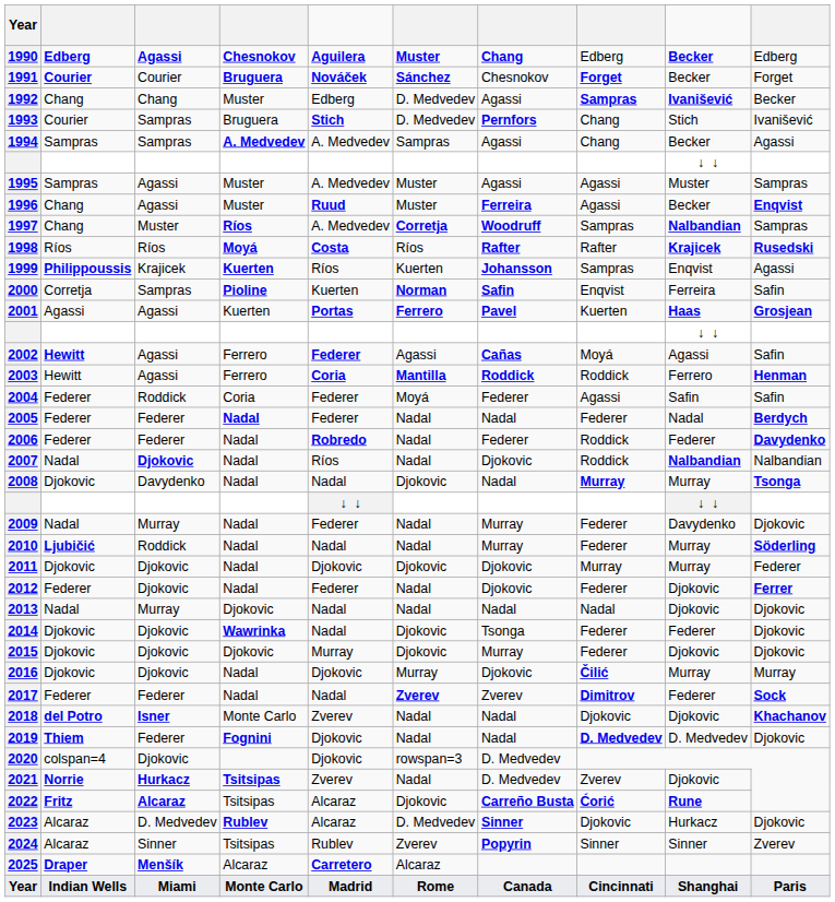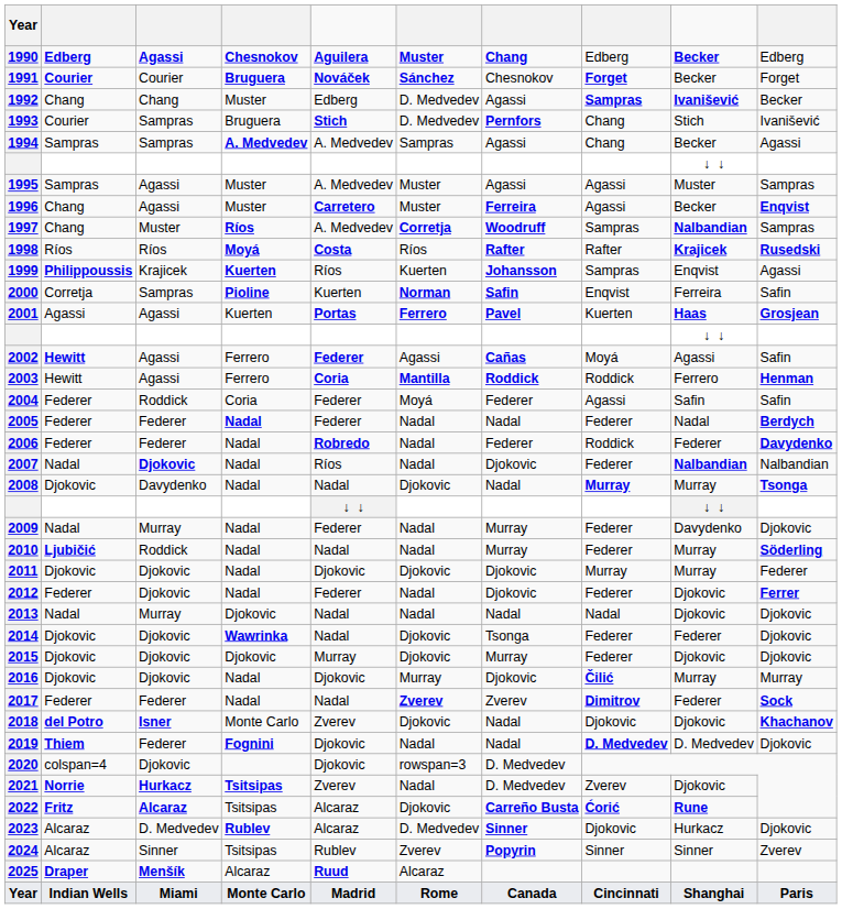 <table class="wikitable nowrap sticky-table-row1 sticky-table-col1" style="font-size:95%">
 <tr style="height:3em">
 <th scope="col">Year</th>
 <th scope="col"><a href='#'></a></th>
 <th scope="col"><a href='#'></a></th>
 <th scope="col"><a href='#'></a></th>
 <th scope="col" style="background: transparent;"><a href='#'></a></th>
 <th scope="col"><a href='#'></a></th>
 <th scope="col"><a href='#'></a></th>
 <th scope="col"><a href='#'></a></th>
 <th scope="col" style="background: transparent;"><a href='#'></a></th>
 <th scope="col"><a href='#'></a></th>
 </tr>
 <tr>
 <th scope="row"><a href='#'>1990</a></th>
 <td> <a href='#'><strong>Edberg</strong></a> </td>
 <td> <a href='#'><strong>Agassi</strong></a> </td>
 <td> <a href='#'><strong>Chesnokov</strong></a> </td>
 <td> <a href='#'><strong>Aguilera</strong></a> </td>
 <td> <a href='#'><strong>Muster</strong></a> </td>
 <td> <a href='#'><strong>Chang</strong></a> </td>
 <td> Edberg </td>
 <td> <a href='#'><strong>Becker</strong></a> </td>
 <td> Edberg </td>
 </tr>
 <tr>
 <th scope="row"><a href='#'>1991</a></th>
 <td> <a href='#'><strong>Courier</strong></a> </td>
 <td> Courier </td>
 <td> <a href='#'><strong>Bruguera</strong></a> </td>
 <td> <a href='#'><strong>Nováček</strong></a> </td>
 <td> <a href='#'><strong>Sánchez</strong></a> </td>
 <td> Chesnokov </td>
 <td> <a href='#'><strong>Forget</strong></a> </td>
 <td> Becker </td>
 <td> Forget </td>
 </tr>
 <tr>
 <th scope="row"><a href='#'>1992</a></th>
 <td> Chang </td>
 <td> Chang </td>
 <td> Muster </td>
 <td> Edberg </td>
 <td> D. Medvedev </td>
 <td> Agassi </td>
 <td> <a href='#'><strong>Sampras</strong></a> </td>
 <td> <a href='#'><strong>Ivanišević</strong></a> </td>
 <td> Becker </td>
 </tr>
 <tr>
 <th scope="row"><a href='#'>1993</a></th>
 <td> Courier </td>
 <td> Sampras </td>
 <td> Bruguera </td>
 <td> <a href='#'><strong>Stich</strong></a> </td>
 <td> D. Medvedev </td>
 <td> <a href='#'><strong>Pernfors</strong></a> </td>
 <td> Chang </td>
 <td> Stich </td>
 <td> Ivanišević </td>
 </tr>
 <tr>
 <th scope="row"><a href='#'>1994</a></th>
 <td> Sampras </td>
 <td> Sampras </td>
 <td> <a href='#'><strong>A. Medvedev</strong></a> </td>
 <td> A. Medvedev </td>
 <td> Sampras </td>
 <td> Agassi </td>
 <td> Chang </td>
 <td> Becker </td>
 <td> Agassi </td>
 </tr>
 <tr style="background: #fff;">
 <th></th>
 <td></td>
 <td></td>
 <td></td>
 <td></td>
 <td></td>
 <td></td>
 <td></td>
 <td style="text-align:center;">↓ <a href='#'></a> ↓</td>
 <td></td>
 </tr>
 <tr>
 <th scope="row"><a href='#'>1995</a></th>
 <td> Sampras </td>
 <td> Agassi </td>
 <td> Muster </td>
 <td> A. Medvedev </td>
 <td> Muster </td>
 <td> Agassi </td>
 <td> Agassi </td>
 <td> Muster </td>
 <td> Sampras </td>
 </tr>
 <tr>
 <th scope="row"><a href='#'>1996</a></th>
 <td> Chang </td>
 <td> Agassi </td>
 <td> Muster </td>
-<td> <a href='#'><strong>Ruud</strong></a> </td>
+<td> <a href='#'><strong>Carretero</strong></a> </td>
 <td> Muster </td>
 <td> <a href='#'><strong>Ferreira</strong></a> </td>
 <td> Agassi </td>
 <td> Becker </td>
 <td> <a href='#'><strong>Enqvist</strong></a> </td>
 </tr>
 <tr>
 <th scope="row"><a href='#'>1997</a></th>
 <td> Chang </td>
 <td> Muster </td>
 <td> <a href='#'><strong>Ríos</strong></a> </td>
 <td>  A. Medvedev </td>
 <td> <a href='#'><strong>Corretja</strong></a> </td>
 <td> <a href='#'><strong>Woodruff</strong></a> </td>
 <td> Sampras </td>
 <td> <a href='#'><strong>Nalbandian</strong></a> </td>
 <td> Sampras </td>
 </tr>
 <tr>
 <th scope="row"><a href='#'>1998</a></th>
 <td> Ríos </td>
 <td> Ríos </td>
 <td> <a href='#'><strong>Moyá</strong></a> </td>
 <td> <a href='#'><strong>Costa</strong></a> </td>
 <td> Ríos </td>
 <td> <a href='#'><strong>Rafter</strong></a> </td>
 <td> Rafter </td>
 <td> <a href='#'><strong>Krajicek</strong></a> </td>
 <td> <a href='#'><strong>Rusedski</strong></a> </td>
 </tr>
 <tr>
 <th scope="row"><a href='#'>1999</a></th>
 <td> <a href='#'><strong>Philippoussis</strong></a> </td>
 <td> Krajicek </td>
 <td> <a href='#'><strong>Kuerten</strong></a> </td>
 <td> Ríos </td>
 <td> Kuerten </td>
 <td> <a href='#'><strong>Johansson</strong></a> </td>
 <td> Sampras </td>
 <td> Enqvist </td>
 <td> Agassi </td>
 </tr>
 <tr>
 <th scope="row"><a href='#'>2000</a></th>
 <td> Corretja </td>
 <td> Sampras </td>
 <td> <a href='#'><strong>Pioline</strong></a> </td>
 <td> Kuerten </td>
 <td> <a href='#'><strong>Norman</strong></a> </td>
 <td> <a href='#'><strong>Safin</strong></a> </td>
 <td> Enqvist </td>
 <td> Ferreira </td>
 <td> Safin </td>
 </tr>
 <tr>
 <th scope="row"><a href='#'>2001</a></th>
 <td> Agassi </td>
 <td> Agassi </td>
 <td> Kuerten </td>
 <td> <a href='#'><strong>Portas</strong></a> </td>
 <td> <a href='#'><strong>Ferrero</strong></a> </td>
 <td> <a href='#'><strong>Pavel</strong></a> </td>
 <td> Kuerten </td>
 <td> <a href='#'><strong>Haas</strong></a> </td>
 <td> <a href='#'><strong>Grosjean</strong></a> </td>
 </tr>
 <tr style="background: #fff;">
 <th></th>
 <td></td>
 <td></td>
 <td></td>
 <td></td>
 <td></td>
 <td></td>
 <td></td>
 <td style="text-align:center;">↓ <a href='#'></a> ↓</td>
 <td></td>
 </tr>
 <tr>
 <th scope="row"><a href='#'>2002</a></th>
 <td> <a href='#'><strong>Hewitt</strong></a> </td>
 <td> Agassi </td>
 <td> Ferrero </td>
 <td> <a href='#'><strong>Federer</strong></a> </td>
 <td> Agassi </td>
 <td> <a href='#'><strong>Cañas</strong></a> </td>
 <td> Moyá </td>
 <td> Agassi </td>
 <td> Safin </td>
 </tr>
 <tr>
 <th scope="row"><a href='#'>2003</a></th>
 <td> Hewitt </td>
 <td> Agassi </td>
 <td> Ferrero </td>
 <td> <a href='#'><strong>Coria</strong></a> </td>
 <td> <a href='#'><strong>Mantilla</strong></a> </td>
 <td> <a href='#'><strong>Roddick</strong></a> </td>
 <td> Roddick </td>
 <td> Ferrero </td>
 <td> <a href='#'><strong>Henman</strong></a> </td>
 </tr>
 <tr>
 <th scope="row"><a href='#'>2004</a></th>
 <td> Federer </td>
 <td> Roddick </td>
 <td> Coria </td>
 <td> Federer </td>
 <td> Moyá </td>
 <td> Federer </td>
 <td> Agassi </td>
 <td> Safin </td>
 <td> Safin </td>
 </tr>
 <tr>
 <th scope="row"><a href='#'>2005</a></th>
 <td> Federer </td>
 <td> Federer </td>
 <td> <a href='#'><strong>Nadal</strong></a> </td>
 <td> Federer </td>
 <td> Nadal </td>
 <td> Nadal </td>
 <td> Federer </td>
 <td> Nadal </td>
 <td> <a href='#'><strong>Berdych</strong></a> </td>
 </tr>
 <tr>
 <th scope="row"><a href='#'>2006</a></th>
 <td> Federer </td>
 <td> Federer </td>
 <td> Nadal </td>
 <td> <a href='#'><strong>Robredo</strong></a> </td>
 <td> Nadal </td>
 <td> Federer </td>
 <td> Roddick </td>
 <td> Federer </td>
 <td> <a href='#'><strong>Davydenko</strong></a> </td>
 </tr>
 <tr>
 <th scope="row"><a href='#'>2007</a></th>
 <td> Nadal </td>
 <td> <a href='#'><strong>Djokovic</strong></a> </td>
 <td> Nadal </td>
 <td> Ríos </td>
 <td> Nadal </td>
 <td> Djokovic </td>
-<td> Roddick </td>
+<td> Federer </td>
 <td> <a href='#'><strong>Nalbandian</strong></a> </td>
 <td> Nalbandian </td>
 </tr>
 <tr>
 <th scope="row"><a href='#'>2008</a></th>
 <td> Djokovic </td>
 <td> Davydenko </td>
 <td> Nadal </td>
 <td> Nadal </td>
 <td> Djokovic </td>
 <td> Nadal </td>
 <td> <a href='#'><strong>Murray</strong></a> </td>
 <td> Murray </td>
 <td> <a href='#'><strong>Tsonga</strong></a> </td>
 </tr>
 <tr style="background: #fff;">
 <th></th>
 <td></td>
 <td></td>
 <td></td>
 <th style="text-align:center;">↓ <a href='#'></a> ↓</th>
 <td></td>
 <td></td>
 <td></td>
 <th style="text-align:center;">↓ <a href='#'></a> ↓</th>
 <td></td>
 </tr>
 <tr>
 <th scope="row"><a href='#'>2009</a></th>
 <td> Nadal </td>
 <td> Murray </td>
 <td> Nadal </td>
 <td> Federer </td>
 <td> Nadal </td>
 <td> Murray </td>
 <td> Federer </td>
 <td> Davydenko </td>
 <td> Djokovic </td>
 </tr>
 <tr>
 <th scope="row"><a href='#'>2010</a></th>
 <td> <a href='#'><strong>Ljubičić</strong></a> </td>
 <td> Roddick </td>
 <td> Nadal </td>
 <td> Nadal </td>
 <td> Nadal </td>
 <td> Murray </td>
 <td> Federer </td>
 <td> Murray </td>
 <td> <a href='#'><strong>Söderling</strong></a> </td>
 </tr>
 <tr>
 <th scope="row"><a href='#'>2011</a></th>
 <td> Djokovic </td>
 <td> Djokovic </td>
 <td> Nadal </td>
 <td> Djokovic </td>
 <td> Djokovic </td>
 <td> Djokovic </td>
 <td> Murray </td>
 <td> Murray </td>
 <td> Federer </td>
 </tr>
 <tr>
 <th scope="row"><a href='#'>2012</a></th>
 <td> Federer </td>
 <td> Djokovic </td>
 <td> Nadal </td>
 <td> Federer </td>
 <td> Nadal </td>
 <td> Djokovic </td>
 <td> Federer </td>
 <td> Djokovic </td>
 <td> <a href='#'><strong>Ferrer</strong></a> </td>
 </tr>
 <tr>
 <th scope="row"><a href='#'>2013</a></th>
 <td> Nadal </td>
 <td> Murray </td>
 <td> Djokovic </td>
 <td> Nadal </td>
 <td> Nadal </td>
 <td> Nadal </td>
 <td> Nadal </td>
 <td> Djokovic </td>
 <td> Djokovic </td>
 </tr>
 <tr>
 <th scope="row"><a href='#'>2014</a></th>
 <td> Djokovic </td>
 <td> Djokovic </td>
 <td> <a href='#'><strong>Wawrinka</strong></a> </td>
 <td> Nadal </td>
 <td> Djokovic </td>
 <td> Tsonga </td>
 <td> Federer </td>
 <td> Federer </td>
 <td> Djokovic </td>
 </tr>
 <tr>
 <th scope="row"><a href='#'>2015</a></th>
 <td> Djokovic </td>
 <td> Djokovic </td>
 <td> Djokovic </td>
 <td> Murray </td>
 <td> Djokovic </td>
 <td> Murray </td>
 <td> Federer </td>
 <td> Djokovic </td>
 <td> Djokovic </td>
 </tr>
 <tr>
 <th scope="row"><a href='#'>2016</a></th>
 <td> Djokovic </td>
 <td> Djokovic </td>
 <td> Nadal </td>
 <td> Djokovic </td>
 <td> Murray </td>
 <td> Djokovic </td>
 <td> <a href='#'><strong>Čilić</strong></a> </td>
 <td> Murray </td>
 <td> Murray </td>
 </tr>
 <tr>
 <th scope="row"><a href='#'>2017</a></th>
 <td> Federer </td>
 <td> Federer </td>
 <td> Nadal </td>
 <td> Nadal </td>
 <td> <a href='#'><strong>Zverev</strong></a> </td>
 <td> Zverev </td>
 <td> <a href='#'><strong>Dimitrov</strong></a> </td>
 <td> Federer </td>
 <td> <a href='#'><strong>Sock</strong></a> </td>
 </tr>
 <tr>
 <th scope="row"><a href='#'>2018</a></th>
 <td> <a href='#'><strong>del Potro</strong></a> </td>
 <td> <a href='#'><strong>Isner</strong></a> </td>
 <td>Monte Carlo</td>
 <td> Zverev </td>
-<td> Nadal </td>
+<td> Djokovic </td>
 <td> Nadal </td>
 <td> Djokovic </td>
 <td> Djokovic </td>
 <td> <a href='#'><strong>Khachanov</strong></a> </td>
 </tr>
 <tr>
 <th scope="row"><a href='#'>2019</a></th>
 <td> <a href='#'><strong>Thiem</strong></a> </td>
 <td> Federer </td>
 <td> <a href='#'><strong>Fognini</strong></a> </td>
 <td> Djokovic </td>
 <td> Nadal </td>
 <td> Nadal </td>
 <td> <a href='#'><strong>D. Medvedev</strong></a> </td>
 <td> D. Medvedev </td>
 <td> Djokovic </td>
 </tr>
 <tr>
 <th scope="row"><a href='#'>2020</a></th>
 <td>colspan=4 </td>
 <td> Djokovic </td>
 <td></td>
 <td> Djokovic </td>
 <td>rowspan=3 </td>
 <td> D. Medvedev </td>
 </tr>
 <tr>
 <th scope="row"><a href='#'>2021</a></th>
 <td> <a href='#'><strong>Norrie</strong></a> </td>
 <td> <a href='#'><strong>Hurkacz</strong></a> </td>
 <td> <a href='#'><strong>Tsitsipas</strong></a> </td>
 <td> Zverev </td>
 <td> Nadal </td>
 <td> D. Medvedev </td>
 <td> Zverev </td>
 <td> Djokovic </td>
 </tr>
 <tr>
 <th scope="row"><a href='#'>2022</a></th>
 <td> <a href='#'><strong>Fritz</strong></a> </td>
 <td> <a href='#'><strong>Alcaraz</strong></a> </td>
 <td> Tsitsipas </td>
 <td> Alcaraz </td>
 <td> Djokovic </td>
 <td> <a href='#'><strong>Carreño Busta</strong></a> </td>
 <td> <a href='#'><strong>Ćorić</strong></a> </td>
 <td> <a href='#'><strong>Rune</strong></a> </td>
 </tr>
 <tr>
 <th scope="row"><a href='#'>2023</a></th>
 <td> Alcaraz </td>
 <td> D. Medvedev </td>
 <td> <a href='#'><strong>Rublev</strong></a> </td>
 <td> Alcaraz </td>
 <td> D. Medvedev </td>
 <td> <a href='#'><strong>Sinner</strong></a> </td>
 <td> Djokovic </td>
 <td> Hurkacz </td>
 <td> Djokovic </td>
 </tr>
 <tr>
 <th scope="row"><a href='#'>2024</a></th>
 <td> Alcaraz </td>
 <td> Sinner </td>
 <td> Tsitsipas </td>
 <td> Rublev </td>
 <td> Zverev </td>
 <td> <a href='#'><strong>Popyrin</strong></a> </td>
 <td> Sinner </td>
 <td> Sinner </td>
 <td> Zverev </td>
 </tr>
 <tr>
 <th scope="row"><a href='#'>2025</a></th>
 <td> <a href='#'><strong>Draper</strong></a> </td>
 <td> <a href='#'><strong>Menšík</strong></a> </td>
 <td> Alcaraz </td>
-<td> <a href='#'><strong>Carretero</strong></a> </td>
+<td> <a href='#'><strong>Ruud</strong></a> </td>
 <td> Alcaraz </td>
 <td></td>
 <td></td>
 <td></td>
 <td></td>
 </tr>
 <tr style="background-color:#EAECF0; font-weight:bold; text-align:center">
 <td>Year</td>
 <td>Indian Wells</td>
 <td>Miami</td>
 <td>Monte Carlo</td>
 <td>Madrid</td>
 <td>Rome</td>
 <td>Canada</td>
 <td>Cincinnati</td>
 <td>Shanghai</td>
 <td>Paris</td>
 </tr>
 </table>
